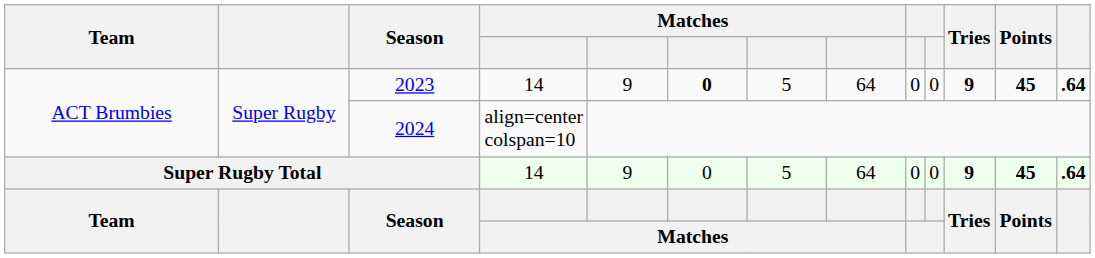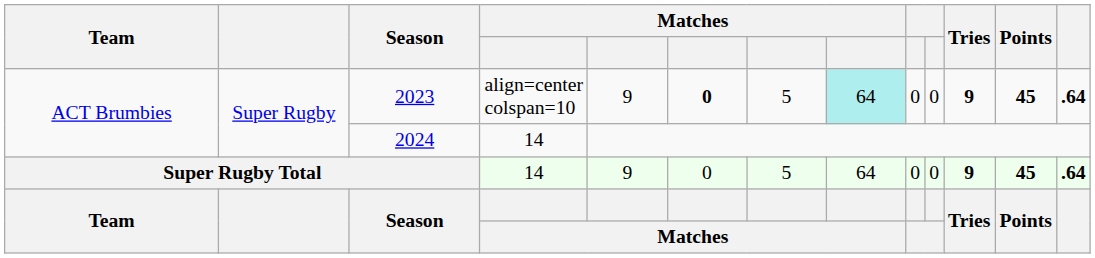 <table class="wikitable" style="font-size:96%">
 <tr>
 <th rowspan=2 width="160">Team</th>
 <th rowspan=2 width="95"></th>
 <th rowspan=2 width="95">Season</th>
 <th colspan=5>Matches</th>
 <th colspan=2></th>
 <th rowspan=2>Tries</th>
 <th rowspan=2>Points</th>
 <th rowspan=2></th>
 </tr>
 <tr>
 <th width=55></th>
 <th width=55></th>
 <th width=55></th>
 <th width=55></th>
 <th width=55></th>
 <th><br></th>
 <th><br></th>
 </tr>
 <tr>
 <td align=center rowspan=2><a href='#'>ACT Brumbies</a></td>
 <td align=center rowspan=2><a href='#'>Super Rugby</a></td>
 <td align=center><a href='#'>2023</a></td>
-<td align=center>14</td>
+<td>align=center colspan=10 </td>
 <td align=center>9</td>
 <td align=center><strong>0</strong></td>
 <td align=center>5</td>
-<td align=center>64</td>
+<td align=center style="background: paleturquoise;">64</td>
 <td align=center>0</td>
 <td align=center>0</td>
 <td align=center><strong>9</strong></td>
 <td align=center><strong>45</strong></td>
 <td align=center><strong>.64</strong></td>
 </tr>
 <tr>
 <td align=center><a href='#'>2024</a></td>
-<td>align=center colspan=10 </td>
+<td align=center>14</td>
 </tr>
 <tr>
 <th colspan=3>Super Rugby Total</th>
 <td align=center bgcolor=#EEFFEE>14</td>
 <td align=center bgcolor=#EEFFEE>9</td>
 <td align=center bgcolor=#EEFFEE>0</td>
 <td align=center bgcolor=#EEFFEE>5</td>
 <td align=center bgcolor=#EEFFEE>64</td>
 <td align=center bgcolor=#EEFFEE>0</td>
 <td align=center bgcolor=#EEFFEE>0</td>
 <td align=center bgcolor=#EEFFEE><strong>9</strong></td>
 <td align=center bgcolor=#EEFFEE><strong>45</strong></td>
 <td align=center bgcolor=#EEFFEE><strong>.64</strong></td>
 </tr>
 <tr>
 <th rowspan=2 width="160">Team</th>
 <th rowspan=2 width="95"></th>
 <th rowspan=2 width="95">Season</th>
 <th></th>
 <th></th>
 <th></th>
 <th></th>
 <th></th>
 <th><br></th>
 <th><br></th>
 <th rowspan=2>Tries</th>
 <th rowspan=2>Points</th>
 <th rowspan=2></th>
 </tr>
 <tr>
 <th colspan=5>Matches</th>
 <th colspan=2></th>
 </tr>
 </table>
